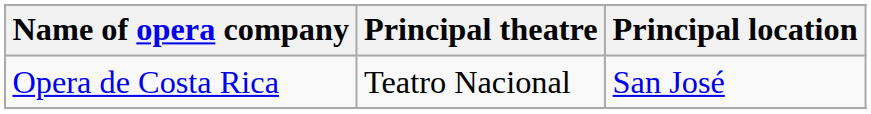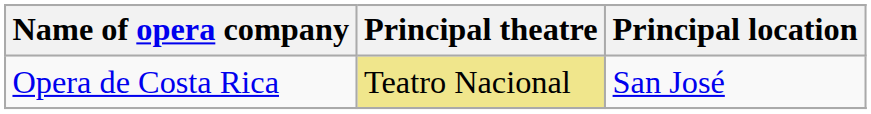 <table class="wikitable">
 <tr>
 <th>Name of <a href='#'>opera</a> company</th>
 <th>Principal theatre</th>
 <th>Principal location</th>
 </tr>
 <tr>
 <td><a href='#'>Opera de Costa Rica</a></td>
-<td>Teatro Nacional</td>
+<td style="background: khaki;">Teatro Nacional</td>
 <td><a href='#'>San José</a></td>
 </tr>
 <tr>
 </tr>
 </table>
